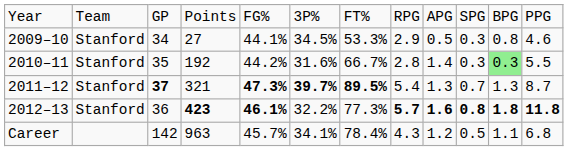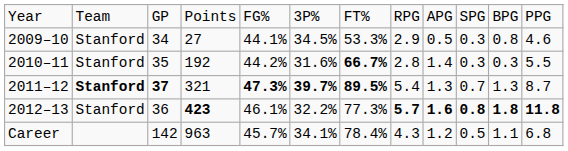 <table class="wikitable">
 <tr>
 <td>Year</td>
 <td>Team</td>
 <td>GP</td>
 <td>Points</td>
 <td>FG%</td>
 <td>3P%</td>
 <td>FT%</td>
 <td>RPG</td>
 <td>APG</td>
 <td>SPG</td>
 <td>BPG</td>
 <td>PPG</td>
 </tr>
 <tr>
 <td>2009–10</td>
 <td>Stanford</td>
 <td>34</td>
 <td>27</td>
 <td>44.1%</td>
 <td>34.5%</td>
 <td>53.3%</td>
 <td>2.9</td>
 <td>0.5</td>
 <td>0.3</td>
 <td>0.8</td>
 <td>4.6</td>
 </tr>
 <tr>
 <td>2010–11</td>
 <td>Stanford</td>
 <td>35</td>
 <td>192</td>
 <td>44.2%</td>
 <td>31.6%</td>
-<td>66.7%</td>
+<td><strong>66.7%</strong></td>
 <td>2.8</td>
 <td>1.4</td>
 <td>0.3</td>
-<td style="background: lightgreen;">0.3</td>
+<td>0.3</td>
 <td>5.5</td>
 </tr>
 <tr>
 <td>2011–12</td>
-<td>Stanford</td>
+<td><strong>Stanford</strong></td>
 <td><strong>37</strong></td>
 <td>321</td>
 <td><strong>47.3%</strong></td>
 <td><strong>39.7%</strong></td>
 <td><strong>89.5%</strong></td>
 <td>5.4</td>
 <td>1.3</td>
 <td>0.7</td>
 <td>1.3</td>
 <td>8.7</td>
 </tr>
 <tr>
 <td>2012–13</td>
 <td>Stanford</td>
 <td>36</td>
 <td><strong>423</strong></td>
-<td><strong>46.1%</strong></td>
+<td>46.1%</td>
 <td>32.2%</td>
 <td>77.3%</td>
 <td><strong>5.7</strong></td>
 <td><strong>1.6</strong></td>
 <td><strong>0.8</strong></td>
 <td><strong>1.8</strong></td>
 <td><strong>11.8</strong></td>
 </tr>
 <tr>
 <td>Career</td>
 <td></td>
 <td>142</td>
 <td>963</td>
 <td>45.7%</td>
 <td>34.1%</td>
 <td>78.4%</td>
 <td>4.3</td>
 <td>1.2</td>
 <td>0.5</td>
 <td>1.1</td>
 <td>6.8</td>
 </tr>
 </table>
